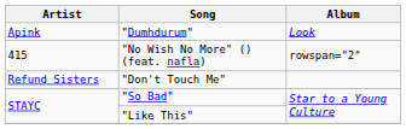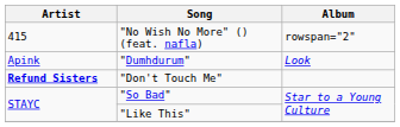 <table class="wikitable sortable">
 <tr>
 <th style="width:10em;">Artist</th>
 <th style="width:15em;">Song</th>
 <th style="width:10em;">Album</th>
 </tr>
 <tr>
+<td>415</td>
+<td>"No Wish No More" () (feat. <a href='#'>nafla</a>)</td>
+<td>rowspan="2" </td>
+</tr>
+<tr>
 <td><a href='#'>Apink</a></td>
 <td>"<a href='#'>Dumhdurum</a>"</td>
 <td><em><a href='#'>Look</a></em></td>
 </tr>
 <tr>
-<td>415</td>
-<td>"No Wish No More" () (feat. <a href='#'>nafla</a>)</td>
-<td>rowspan="2" </td>
-</tr>
-<tr>
-<td><a href='#'>Refund Sisters</a></td>
+<td><strong><a href='#'>Refund Sisters</a></strong></td>
 <td>"Don't Touch Me"</td>
 </tr>
 <tr>
 <td rowspan="2"><a href='#'>STAYC</a></td>
 <td>"<a href='#'>So Bad</a>"</td>
 <td rowspan="2"><em><a href='#'>Star to a Young Culture</a></em></td>
 </tr>
 <tr>
 <td>"Like This"</td>
 </tr>
 <tr>
 </tr>
 </table>
